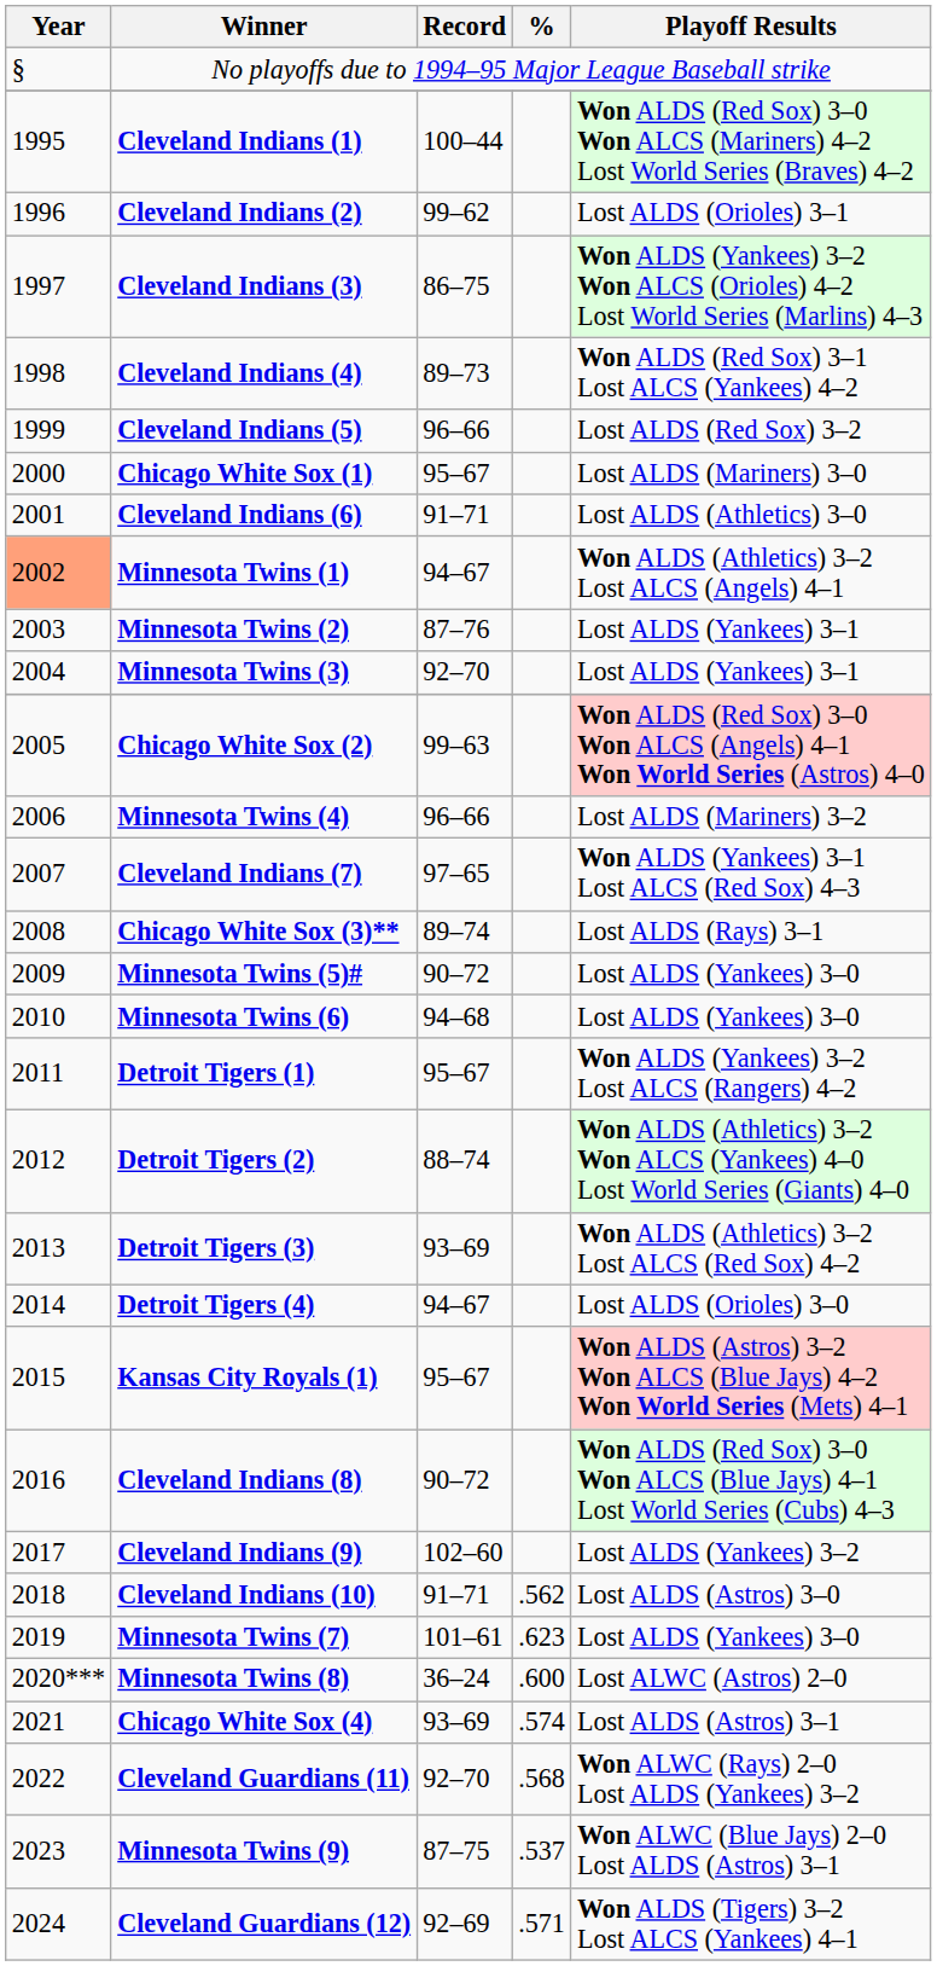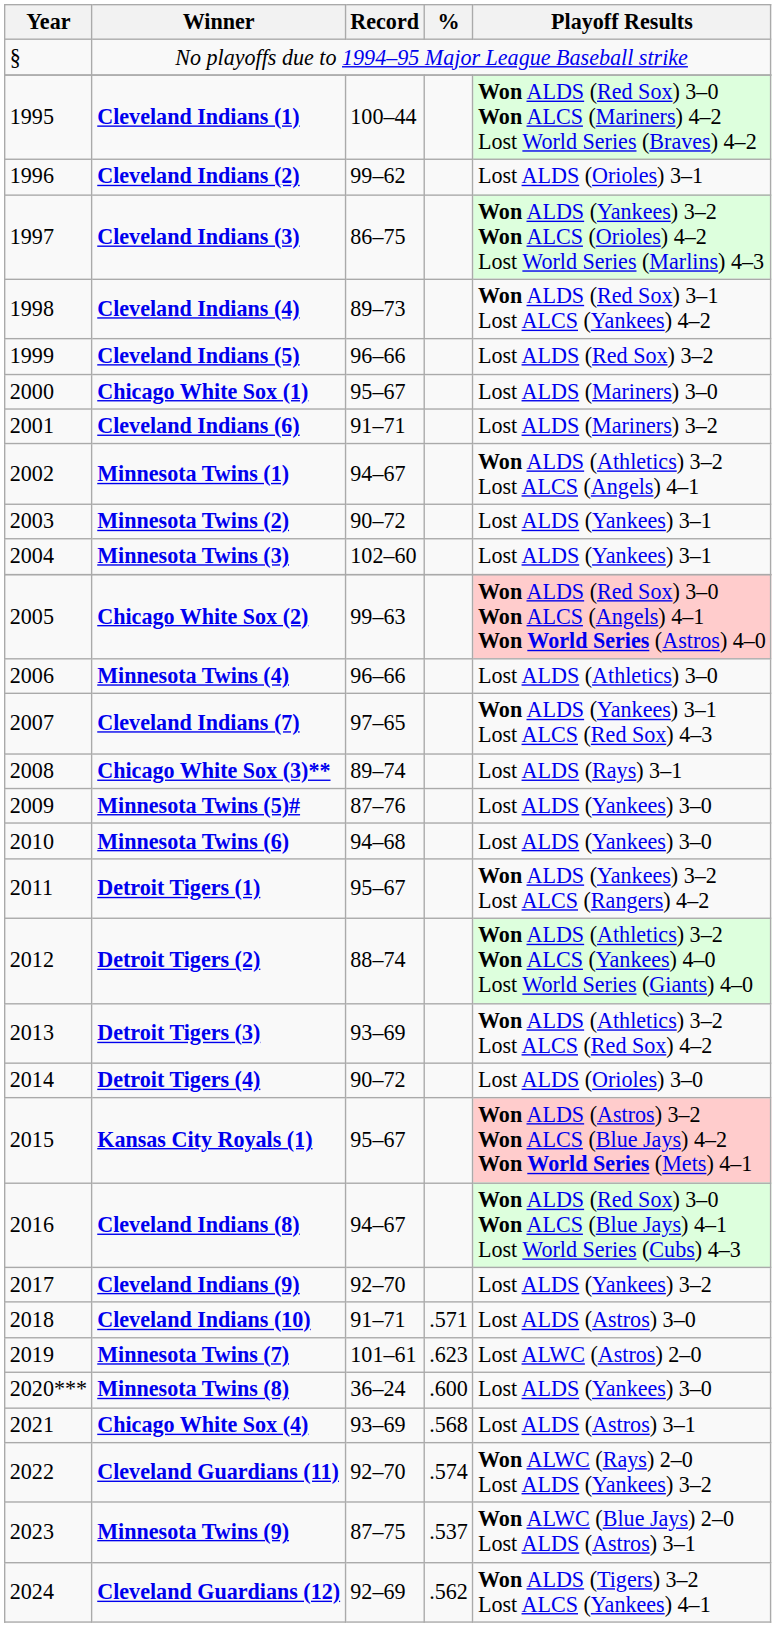 <table class="wikitable">
 <tr>
 <th>Year</th>
 <th>Winner</th>
 <th>Record</th>
 <th>%</th>
 <th>Playoff Results</th>
 </tr>
 <tr>
 <td>§</td>
 <td colspan="4" align="center"><em>No playoffs due to <a href='#'>1994–95 Major League Baseball strike</a></em></td>
 </tr>
 <tr>
 </tr>
 <tr>
 <td>1995</td>
 <td><strong><a href='#'><span>Cleveland Indians (1)</span></a></strong></td>
 <td>100–44</td>
 <td></td>
 <td bgcolor="#ddffdd"><strong>Won</strong> <a href='#'>ALDS</a> (<a href='#'>Red Sox</a>) 3–0<br><strong>Won</strong> <a href='#'>ALCS</a> (<a href='#'>Mariners</a>) 4–2<br>Lost <a href='#'>World Series</a> (<a href='#'>Braves</a>) 4–2</td>
 </tr>
 <tr>
 <td>1996</td>
 <td><strong><a href='#'><span>Cleveland Indians (2)</span></a></strong></td>
 <td>99–62</td>
 <td></td>
 <td>Lost <a href='#'>ALDS</a> (<a href='#'>Orioles</a>) 3–1</td>
 </tr>
 <tr>
 <td>1997</td>
 <td><strong><a href='#'><span>Cleveland Indians (3)</span></a></strong></td>
 <td>86–75</td>
 <td></td>
 <td bgcolor="#ddffdd"><strong>Won</strong> <a href='#'>ALDS</a> (<a href='#'>Yankees</a>) 3–2<br><strong>Won</strong> <a href='#'>ALCS</a> (<a href='#'>Orioles</a>) 4–2<br>Lost <a href='#'>World Series</a> (<a href='#'>Marlins</a>) 4–3</td>
 </tr>
 <tr>
 <td>1998</td>
 <td><strong><a href='#'><span>Cleveland Indians (4)</span></a></strong></td>
 <td>89–73</td>
 <td></td>
 <td><strong>Won</strong> <a href='#'>ALDS</a> (<a href='#'>Red Sox</a>) 3–1<br>Lost <a href='#'>ALCS</a> (<a href='#'>Yankees</a>) 4–2</td>
 </tr>
 <tr>
 <td>1999</td>
 <td><strong><a href='#'><span>Cleveland Indians (5)</span></a></strong></td>
 <td>96–66</td>
 <td></td>
 <td>Lost <a href='#'>ALDS</a> (<a href='#'>Red Sox</a>) 3–2</td>
 </tr>
 <tr>
 <td>2000</td>
 <td><strong><a href='#'><span>Chicago White Sox (1)</span></a></strong></td>
 <td>95–67</td>
 <td></td>
 <td>Lost <a href='#'>ALDS</a> (<a href='#'>Mariners</a>) 3–0</td>
 </tr>
 <tr>
 <td>2001</td>
 <td><strong><a href='#'><span>Cleveland Indians (6)</span></a></strong></td>
 <td>91–71</td>
 <td></td>
-<td>Lost <a href='#'>ALDS</a> (<a href='#'>Athletics</a>) 3–0</td>
+<td>Lost <a href='#'>ALDS</a> (<a href='#'>Mariners</a>) 3–2</td>
 </tr>
 <tr>
-<td style="background: lightsalmon;">2002</td>
+<td>2002</td>
 <td><strong><a href='#'><span>Minnesota Twins (1)</span></a></strong></td>
 <td>94–67</td>
 <td></td>
 <td><strong>Won</strong> <a href='#'>ALDS</a> (<a href='#'>Athletics</a>) 3–2<br>Lost <a href='#'>ALCS</a> (<a href='#'>Angels</a>) 4–1</td>
 </tr>
 <tr>
 <td>2003</td>
 <td><strong><a href='#'><span>Minnesota Twins (2)</span></a></strong></td>
-<td>87–76</td>
+<td>90–72</td>
 <td></td>
 <td>Lost <a href='#'>ALDS</a> (<a href='#'>Yankees</a>) 3–1</td>
 </tr>
 <tr>
 <td>2004</td>
 <td><strong><a href='#'><span>Minnesota Twins (3)</span></a></strong></td>
-<td>92–70</td>
+<td>102–60</td>
 <td></td>
 <td>Lost <a href='#'>ALDS</a> (<a href='#'>Yankees</a>) 3–1</td>
 </tr>
 <tr>
 </tr>
 <tr>
 <td>2005</td>
 <td><strong><a href='#'><span>Chicago White Sox (2)</span></a></strong></td>
 <td>99–63</td>
 <td></td>
 <td bgcolor="#ffcccc"><strong>Won</strong> <a href='#'>ALDS</a> (<a href='#'>Red Sox</a>) 3–0<br><strong>Won</strong> <a href='#'>ALCS</a> (<a href='#'>Angels</a>) 4–1<br><strong>Won <a href='#'>World Series</a></strong> (<a href='#'>Astros</a>) 4–0</td>
 </tr>
 <tr>
 <td>2006</td>
 <td><strong><a href='#'><span>Minnesota Twins (4)</span></a></strong></td>
 <td>96–66</td>
 <td></td>
-<td>Lost <a href='#'>ALDS</a> (<a href='#'>Mariners</a>) 3–2</td>
+<td>Lost <a href='#'>ALDS</a> (<a href='#'>Athletics</a>) 3–0</td>
 </tr>
 <tr>
 <td>2007</td>
 <td><strong><a href='#'><span>Cleveland Indians (7)</span></a></strong></td>
 <td>97–65</td>
 <td></td>
 <td><strong>Won</strong> <a href='#'>ALDS</a> (<a href='#'>Yankees</a>) 3–1<br>Lost <a href='#'>ALCS</a> (<a href='#'>Red Sox</a>) 4–3</td>
 </tr>
 <tr>
 <td>2008</td>
 <td><strong><a href='#'><span>Chicago White Sox (3)**</span></a></strong></td>
 <td>89–74</td>
 <td></td>
 <td>Lost <a href='#'>ALDS</a> (<a href='#'>Rays</a>) 3–1</td>
 </tr>
 <tr>
 <td>2009</td>
 <td><strong><a href='#'><span>Minnesota Twins (5)#</span></a></strong></td>
-<td>90–72</td>
+<td>87–76</td>
 <td></td>
 <td>Lost <a href='#'>ALDS</a> (<a href='#'>Yankees</a>) 3–0</td>
 </tr>
 <tr>
 <td>2010</td>
 <td><strong><a href='#'><span>Minnesota Twins (6)</span></a></strong></td>
 <td>94–68</td>
 <td></td>
 <td>Lost <a href='#'>ALDS</a> (<a href='#'>Yankees</a>) 3–0</td>
 </tr>
 <tr>
 <td>2011</td>
 <td><strong><a href='#'><span>Detroit Tigers (1)</span></a></strong></td>
 <td>95–67</td>
 <td></td>
 <td><strong>Won</strong> <a href='#'>ALDS</a> (<a href='#'>Yankees</a>) 3–2<br>Lost <a href='#'>ALCS</a> (<a href='#'>Rangers</a>) 4–2</td>
 </tr>
 <tr>
 <td>2012</td>
 <td><strong><a href='#'><span>Detroit Tigers (2)</span></a></strong></td>
 <td>88–74</td>
 <td></td>
 <td bgcolor="#ddffdd"><strong>Won</strong> <a href='#'>ALDS</a> (<a href='#'>Athletics</a>) 3–2<br><strong>Won</strong> <a href='#'>ALCS</a> (<a href='#'>Yankees</a>) 4–0<br>Lost <a href='#'>World Series</a> (<a href='#'>Giants</a>) 4–0</td>
 </tr>
 <tr>
 <td>2013</td>
 <td><strong><a href='#'><span>Detroit Tigers (3)</span></a></strong></td>
 <td>93–69</td>
 <td></td>
 <td><strong>Won</strong> <a href='#'>ALDS</a> (<a href='#'>Athletics</a>) 3–2<br>Lost <a href='#'>ALCS</a> (<a href='#'>Red Sox</a>) 4–2</td>
 </tr>
 <tr>
 <td>2014</td>
 <td><strong><a href='#'><span>Detroit Tigers (4)</span></a></strong></td>
-<td>94–67</td>
+<td>90–72</td>
 <td></td>
 <td>Lost <a href='#'>ALDS</a> (<a href='#'>Orioles</a>) 3–0</td>
 </tr>
 <tr>
 <td>2015</td>
 <td><strong><a href='#'><span>Kansas City Royals (1)</span></a></strong></td>
 <td>95–67</td>
 <td></td>
 <td bgcolor="#ffcccc"><strong>Won</strong> <a href='#'>ALDS</a> (<a href='#'>Astros</a>) 3–2<br><strong>Won</strong> <a href='#'>ALCS</a> (<a href='#'>Blue Jays</a>) 4–2<br><strong>Won <a href='#'>World Series</a></strong> (<a href='#'>Mets</a>) 4–1</td>
 </tr>
 <tr>
 <td>2016</td>
 <td><strong><a href='#'><span>Cleveland Indians (8)</span></a></strong></td>
-<td>90–72</td>
+<td>94–67</td>
 <td></td>
 <td bgcolor="#ddffdd"><strong>Won</strong> <a href='#'>ALDS</a> (<a href='#'>Red Sox</a>) 3–0<br><strong>Won</strong> <a href='#'>ALCS</a> (<a href='#'>Blue Jays</a>) 4–1<br>Lost <a href='#'>World Series</a> (<a href='#'>Cubs</a>) 4–3</td>
 </tr>
 <tr>
 <td>2017</td>
 <td><strong><a href='#'><span>Cleveland Indians (9)</span></a></strong></td>
-<td>102–60</td>
+<td>92–70</td>
 <td></td>
 <td>Lost <a href='#'>ALDS</a> (<a href='#'>Yankees</a>) 3–2</td>
 </tr>
 <tr>
 <td>2018</td>
 <td><strong><a href='#'><span>Cleveland Indians (10)</span></a></strong></td>
 <td>91–71</td>
-<td>.562</td>
+<td>.571</td>
 <td>Lost <a href='#'>ALDS</a> (<a href='#'>Astros</a>) 3–0</td>
 </tr>
 <tr>
 <td>2019</td>
 <td><strong><a href='#'><span>Minnesota Twins (7)</span></a></strong></td>
 <td>101–61</td>
 <td>.623</td>
-<td>Lost <a href='#'>ALDS</a> (<a href='#'>Yankees</a>) 3–0</td>
+<td>Lost <a href='#'>ALWC</a> (<a href='#'>Astros</a>) 2–0</td>
 </tr>
 <tr>
 <td>2020***</td>
 <td><strong><a href='#'><span>Minnesota Twins (8)</span></a></strong></td>
 <td>36–24</td>
 <td>.600</td>
-<td>Lost <a href='#'>ALWC</a> (<a href='#'>Astros</a>) 2–0</td>
+<td>Lost <a href='#'>ALDS</a> (<a href='#'>Yankees</a>) 3–0</td>
 </tr>
 <tr>
 <td>2021</td>
 <td><strong><a href='#'><span>Chicago White Sox (4)</span></a></strong></td>
 <td>93–69</td>
-<td>.574</td>
+<td>.568</td>
 <td>Lost <a href='#'>ALDS</a> (<a href='#'>Astros</a>) 3–1</td>
 </tr>
 <tr>
 <td>2022</td>
 <td><strong><a href='#'><span>Cleveland Guardians (11)</span></a></strong></td>
 <td>92–70</td>
-<td>.568</td>
+<td>.574</td>
 <td><strong>Won</strong> <a href='#'>ALWC</a> (<a href='#'>Rays</a>) 2–0<br>Lost <a href='#'>ALDS</a> (<a href='#'>Yankees</a>) 3–2</td>
 </tr>
 <tr>
 <td>2023</td>
 <td><strong><a href='#'><span>Minnesota Twins (9)</span></a></strong></td>
 <td>87–75</td>
 <td>.537</td>
 <td><strong>Won</strong> <a href='#'>ALWC</a> (<a href='#'>Blue Jays</a>) 2–0<br>Lost <a href='#'>ALDS</a> (<a href='#'>Astros</a>) 3–1</td>
 </tr>
 <tr>
 <td>2024</td>
 <td><strong><a href='#'><span>Cleveland Guardians (12)</span></a></strong></td>
 <td>92–69</td>
-<td>.571</td>
+<td>.562</td>
 <td><strong>Won</strong> <a href='#'>ALDS</a> (<a href='#'>Tigers</a>) 3–2<br>Lost <a href='#'>ALCS</a> (<a href='#'>Yankees</a>) 4–1</td>
 </tr>
 </table>
